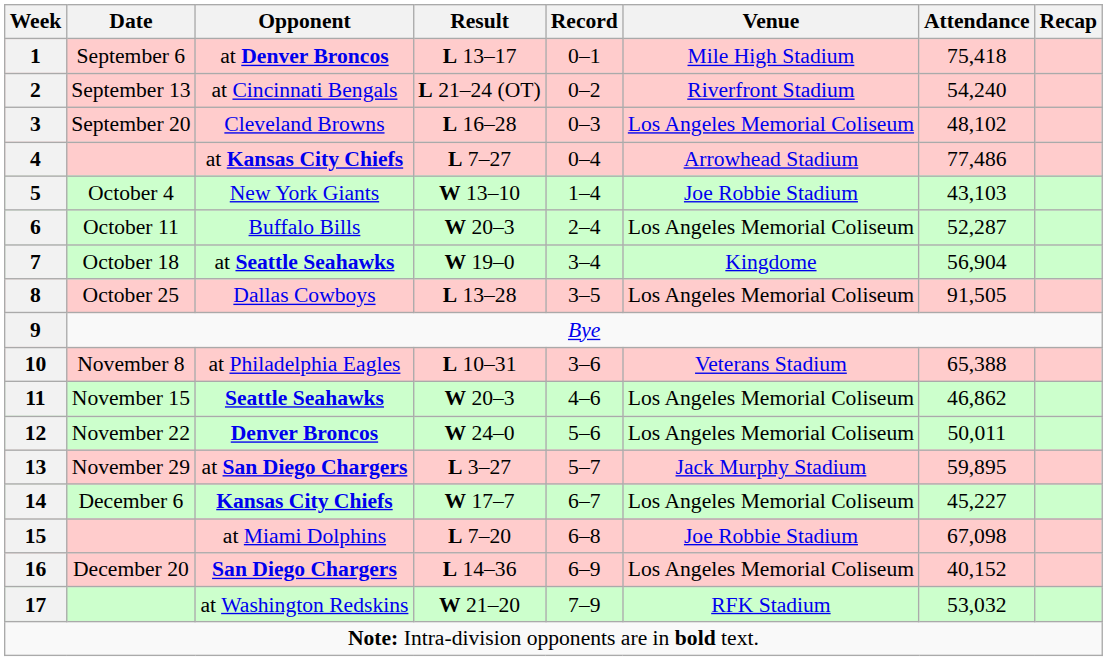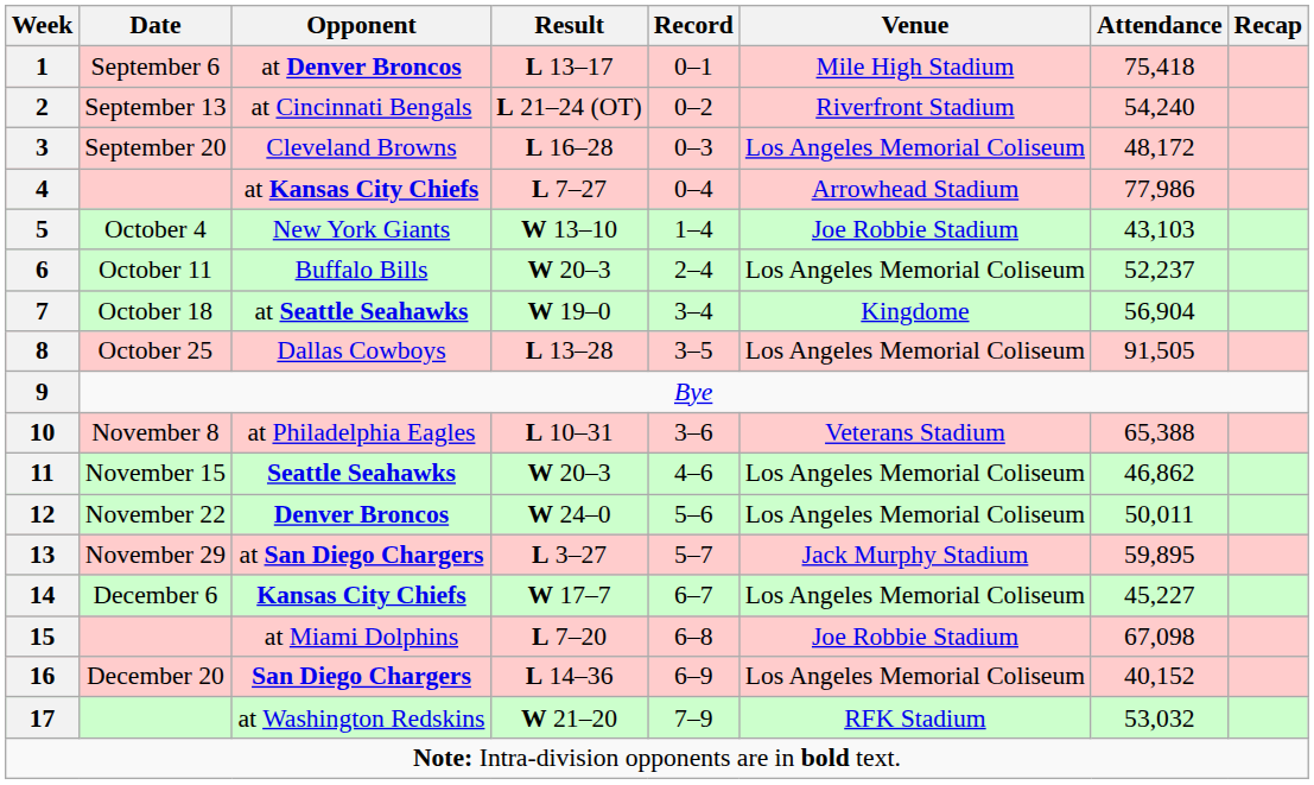 <table class="wikitable" style="text-align:center">
 <tr>
 <th>Week</th>
 <th>Date</th>
 <th>Opponent</th>
 <th>Result</th>
 <th>Record</th>
 <th>Venue</th>
 <th>Attendance</th>
 <th>Recap</th>
 </tr>
 <tr style="background: #fcc;">
 <th>1</th>
 <td>September 6</td>
 <td>at <strong><a href='#'>Denver Broncos</a></strong></td>
 <td><strong>L</strong> 13–17</td>
 <td>0–1</td>
 <td><a href='#'>Mile High Stadium</a></td>
 <td>75,418</td>
 <td></td>
 </tr>
 <tr style="background: #fcc;">
 <th>2</th>
 <td>September 13</td>
 <td>at <a href='#'>Cincinnati Bengals</a></td>
 <td><strong>L</strong> 21–24 (OT)</td>
 <td>0–2</td>
 <td><a href='#'>Riverfront Stadium</a></td>
 <td>54,240</td>
 <td></td>
 </tr>
 <tr style="background: #fcc;">
 <th>3</th>
 <td>September 20</td>
 <td><a href='#'>Cleveland Browns</a></td>
 <td><strong>L</strong> 16–28</td>
 <td>0–3</td>
 <td><a href='#'>Los Angeles Memorial Coliseum</a></td>
-<td>48,102</td>
+<td>48,172</td>
 <td></td>
 </tr>
 <tr style="background: #fcc;">
 <th>4</th>
 <td></td>
 <td>at <strong><a href='#'>Kansas City Chiefs</a></strong></td>
 <td><strong>L</strong> 7–27</td>
 <td>0–4</td>
 <td><a href='#'>Arrowhead Stadium</a></td>
-<td>77,486</td>
+<td>77,986</td>
 <td></td>
 </tr>
 <tr style="background: #cfc;">
 <th>5</th>
 <td>October 4</td>
 <td><a href='#'>New York Giants</a></td>
 <td><strong>W</strong> 13–10</td>
 <td>1–4</td>
 <td><a href='#'>Joe Robbie Stadium</a></td>
 <td>43,103</td>
 <td></td>
 </tr>
 <tr style="background: #cfc;">
 <th>6</th>
 <td>October 11</td>
 <td><a href='#'>Buffalo Bills</a></td>
 <td><strong>W</strong> 20–3</td>
 <td>2–4</td>
 <td>Los Angeles Memorial Coliseum</td>
-<td>52,287</td>
+<td>52,237</td>
 <td></td>
 </tr>
 <tr style="background: #cfc;">
 <th>7</th>
 <td>October 18</td>
 <td>at <strong><a href='#'>Seattle Seahawks</a></strong></td>
 <td><strong>W</strong> 19–0</td>
 <td>3–4</td>
 <td><a href='#'>Kingdome</a></td>
 <td>56,904</td>
 <td></td>
 </tr>
 <tr style="background: #fcc;">
 <th>8</th>
 <td>October 25</td>
 <td><a href='#'>Dallas Cowboys</a></td>
 <td><strong>L</strong> 13–28</td>
 <td>3–5</td>
 <td>Los Angeles Memorial Coliseum</td>
 <td>91,505</td>
 <td></td>
 </tr>
 <tr>
 <th>9</th>
 <td colspan="7"><em><a href='#'>Bye</a></em></td>
 </tr>
 <tr style="background: #fcc;">
 <th>10</th>
 <td>November 8</td>
 <td>at <a href='#'>Philadelphia Eagles</a></td>
 <td><strong>L</strong> 10–31</td>
 <td>3–6</td>
 <td><a href='#'>Veterans Stadium</a></td>
 <td>65,388</td>
 <td></td>
 </tr>
 <tr style="background: #cfc;">
 <th>11</th>
 <td>November 15</td>
 <td><strong><a href='#'>Seattle Seahawks</a></strong></td>
 <td><strong>W</strong> 20–3</td>
 <td>4–6</td>
 <td>Los Angeles Memorial Coliseum</td>
 <td>46,862</td>
 <td></td>
 </tr>
 <tr style="background: #cfc;">
 <th>12</th>
 <td>November 22</td>
 <td><strong><a href='#'>Denver Broncos</a></strong></td>
 <td><strong>W</strong> 24–0</td>
 <td>5–6</td>
 <td>Los Angeles Memorial Coliseum</td>
 <td>50,011</td>
 <td></td>
 </tr>
 <tr style="background: #fcc;">
 <th>13</th>
 <td>November 29</td>
 <td>at <strong><a href='#'>San Diego Chargers</a></strong></td>
 <td><strong>L</strong> 3–27</td>
 <td>5–7</td>
 <td><a href='#'>Jack Murphy Stadium</a></td>
 <td>59,895</td>
 <td></td>
 </tr>
 <tr style="background: #cfc;">
 <th>14</th>
 <td>December 6</td>
 <td><strong><a href='#'>Kansas City Chiefs</a></strong></td>
 <td><strong>W</strong> 17–7</td>
 <td>6–7</td>
 <td>Los Angeles Memorial Coliseum</td>
 <td>45,227</td>
 <td></td>
 </tr>
 <tr style="background: #fcc;">
 <th>15</th>
 <td></td>
 <td>at <a href='#'>Miami Dolphins</a></td>
 <td><strong>L</strong> 7–20</td>
 <td>6–8</td>
 <td><a href='#'>Joe Robbie Stadium</a></td>
 <td>67,098</td>
 <td></td>
 </tr>
 <tr style="background: #fcc;">
 <th>16</th>
 <td>December 20</td>
 <td><strong><a href='#'>San Diego Chargers</a></strong></td>
 <td><strong>L</strong> 14–36</td>
 <td>6–9</td>
 <td>Los Angeles Memorial Coliseum</td>
 <td>40,152</td>
 <td></td>
 </tr>
 <tr style="background: #cfc;">
 <th>17</th>
 <td></td>
 <td>at <a href='#'>Washington Redskins</a></td>
 <td><strong>W</strong> 21–20</td>
 <td>7–9</td>
 <td><a href='#'>RFK Stadium</a></td>
 <td>53,032</td>
 <td></td>
 </tr>
 <tr>
 <td colspan="8"><strong>Note:</strong> Intra-division opponents are in <strong>bold</strong> text.</td>
 </tr>
 </table>
